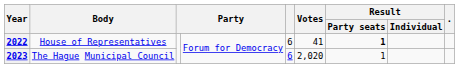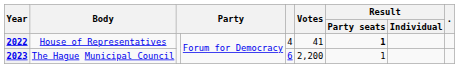 <table class="wikitable plainrowheaders sortable" border=2 cellpadding=4 cellspacing=0 style="border: 1px #aaa solid; font-size: 90%; text-align:center;">
 <tr>
 <th scope="col" rowspan=2>Year</th>
 <th scope="col" rowspan=2>Body</th>
 <th scope="col" colspan=2 rowspan=2>Party</th>
 <th scope="col" rowspan=2></th>
 <th scope="col" rowspan=2>Votes</th>
 <th scope="colgroup" colspan=2>Result</th>
 <th scope="col" rowspan=2 class="unsortable">.</th>
 </tr>
 <tr>
 <th scope="col">Party seats</th>
 <th scope="col">Individual</th>
 </tr>
 <tr>
 <th scope="row"><a href='#'>2022</a></th>
 <td><a href='#'>House of Representatives</a></td>
 <td rowspan=2 style="background-color:"></td>
 <td rowspan=2><a href='#'>Forum for Democracy</a></td>
-<td style=text-align:right>6</td>
+<td style=text-align:right>4</td>
 <td style=text-align:right>41</td>
 <td style=text-align:right><strong>1</strong></td>
 <td></td>
 <td></td>
 </tr>
 <tr>
 <th scope="row"><a href='#'>2023</a></th>
 <td><a href='#'>The Hague</a> <a href='#'>Municipal Council</a></td>
 <td style=text-align:right><a href='#'>6</a></td>
-<td style=text-align:right>2,020</td>
+<td style=text-align:right>2,200</td>
 <td style=text-align:right>1</td>
 <td></td>
 <td></td>
 </tr>
 </table>
